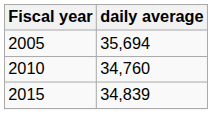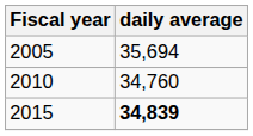 <table class="wikitable">
 <tr>
 <th>Fiscal year</th>
 <th>daily average</th>
 </tr>
 <tr>
 <td>2005</td>
 <td>35,694</td>
 </tr>
 <tr>
 <td>2010</td>
 <td>34,760</td>
 </tr>
 <tr>
 <td>2015</td>
-<td>34,839</td>
+<td><strong>34,839</strong></td>
 </tr>
 <tr>
 </tr>
 </table>
